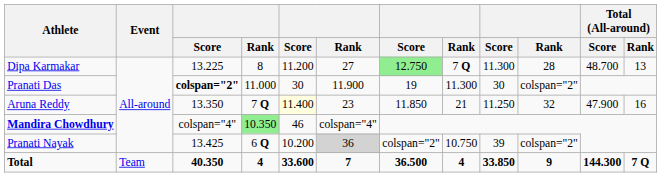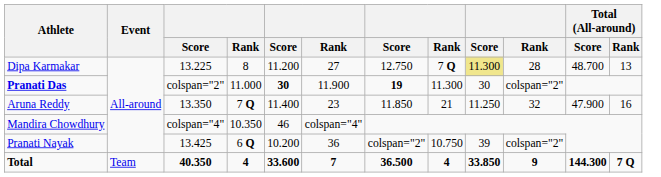 <table class=wikitable style="text-align:center; font-size:90%">
 <tr>
 <th rowspan="2">Athlete</th>
 <th rowspan="2">Event</th>
 <th colspan="2"></th>
 <th colspan="2"></th>
 <th colspan="2"></th>
 <th colspan="2"></th>
 <th colspan="2">Total<br>(All-around)</th>
 </tr>
 <tr>
 <th>Score</th>
 <th>Rank</th>
 <th>Score</th>
 <th>Rank</th>
 <th>Score</th>
 <th>Rank</th>
 <th>Score</th>
 <th>Rank</th>
 <th>Score</th>
 <th>Rank</th>
 </tr>
 <tr>
 <td align=left><a href='#'>Dipa Karmakar</a></td>
 <td align=left rowspan="5"><a href='#'>All-around</a></td>
 <td>13.225</td>
 <td>8</td>
 <td>11.200</td>
 <td>27</td>
-<td style="background: lightgreen;">12.750</td>
+<td>12.750</td>
 <td>7 <strong>Q</strong></td>
-<td>11.300</td>
+<td style="background: khaki;">11.300</td>
 <td>28</td>
 <td>48.700</td>
 <td>13</td>
 </tr>
 <tr>
-<td align=left><a href='#'>Pranati Das</a></td>
-<td><strong>colspan="2" </strong></td>
+<td align=left><strong><a href='#'>Pranati Das</a></strong></td>
+<td>colspan="2" </td>
 <td>11.000</td>
-<td>30</td>
+<td><strong>30</strong></td>
 <td>11.900</td>
-<td>19</td>
+<td><strong>19</strong></td>
 <td>11.300</td>
 <td>30</td>
 <td>colspan="2" </td>
 </tr>
 <tr>
 <td align=left><a href='#'>Aruna Reddy</a></td>
 <td>13.350</td>
 <td>7 <strong>Q</strong></td>
-<td style="background: lightyellow;">11.400</td>
+<td>11.400</td>
 <td>23</td>
 <td>11.850</td>
 <td>21</td>
 <td>11.250</td>
 <td>32</td>
 <td>47.900</td>
 <td>16</td>
 </tr>
 <tr>
-<td align=left><strong><a href='#'>Mandira Chowdhury</a></strong></td>
+<td align=left><a href='#'>Mandira Chowdhury</a></td>
 <td>colspan="4" </td>
-<td style="background: lightgreen;">10.350</td>
+<td>10.350</td>
 <td>46</td>
 <td>colspan="4" </td>
 </tr>
 <tr>
 <td align=left><a href='#'>Pranati Nayak</a></td>
 <td>13.425</td>
 <td>6 <strong>Q</strong></td>
 <td>10.200</td>
-<td style="background: lightgrey;">36</td>
+<td>36</td>
 <td>colspan="2" </td>
 <td>10.750</td>
 <td>39</td>
 <td>colspan="2" </td>
 </tr>
 <tr>
 <td align=left><strong>Total</strong></td>
 <td align=left><a href='#'>Team</a></td>
 <td><strong>40.350</strong></td>
 <td><strong>4</strong></td>
 <td><strong>33.600</strong></td>
 <td><strong>7</strong></td>
 <td><strong>36.500</strong></td>
 <td><strong>4</strong></td>
 <td><strong>33.850</strong></td>
 <td><strong>9</strong></td>
 <td><strong>144.300</strong></td>
 <td><strong>7 Q</strong></td>
 </tr>
 </table>
